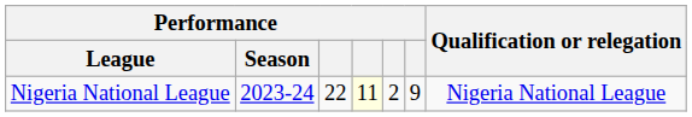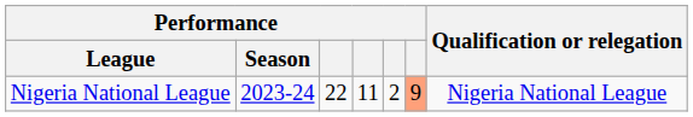 <table class="wikitable" style="text-align: center">
 <tr>
 <th colspan="6">Performance</th>
 <th rowspan="2">Qualification or relegation</th>
 </tr>
 <tr>
 <th>League</th>
 <th>Season</th>
 <th></th>
 <th></th>
 <th></th>
 <th></th>
 </tr>
 <tr>
 <td><a href='#'>Nigeria National League</a></td>
 <td><a href='#'>2023-24</a></td>
 <td>22</td>
-<td style="background: lightyellow;">11</td>
+<td>11</td>
 <td>2</td>
-<td>9</td>
+<td style="background: lightsalmon;">9</td>
 <td><a href='#'> Nigeria National League</a></td>
 </tr>
 </table>
